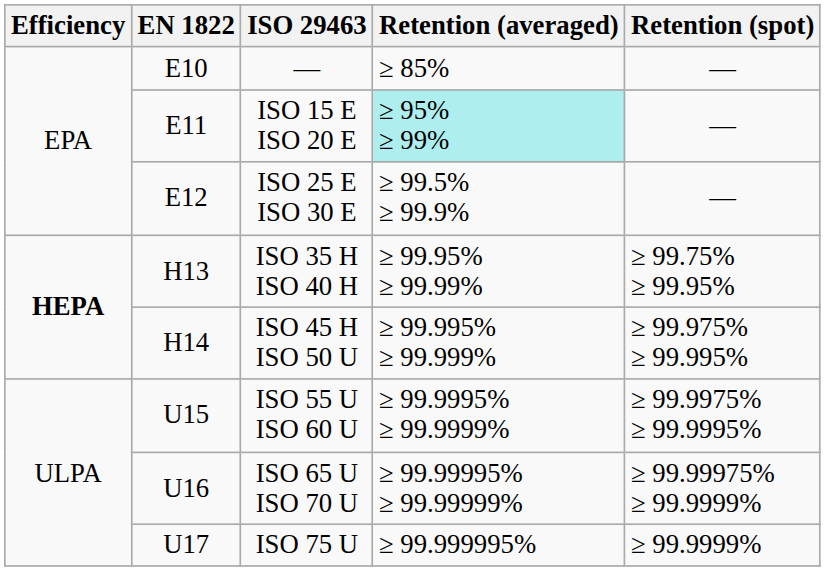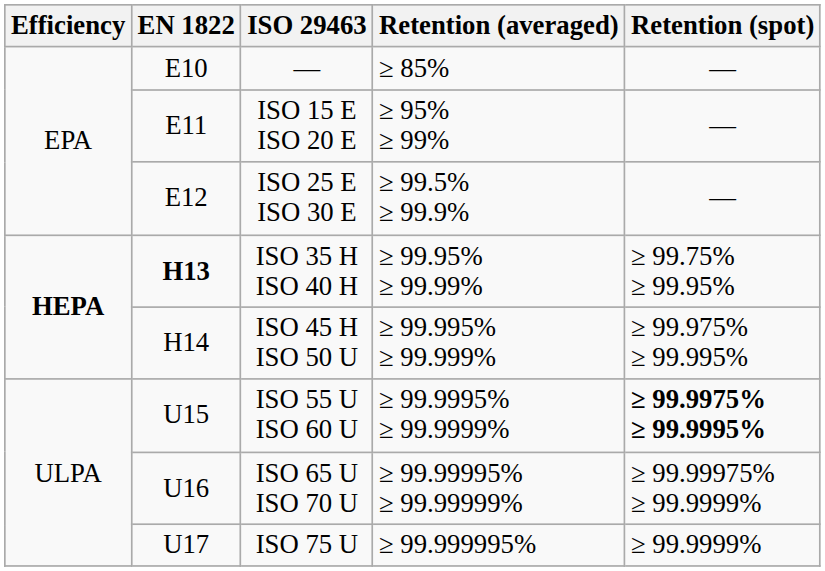 <table class="wikitable">
 <tr>
 <th>Efficiency</th>
 <th>EN 1822</th>
 <th>ISO 29463</th>
 <th>Retention (averaged)</th>
 <th>Retention (spot)</th>
 </tr>
 <tr>
 <td rowspan="3" align="center">EPA</td>
 <td align="center">E10</td>
 <td align="center">—</td>
 <td>≥ 85%</td>
 <td align="center">—</td>
 </tr>
 <tr>
 <td align="center">E11</td>
 <td align="center">ISO 15 E<br>ISO 20 E</td>
-<td style="background: paleturquoise;">≥ 95%<br>≥ 99%</td>
+<td>≥ 95%<br>≥ 99%</td>
 <td align="center">—</td>
 </tr>
 <tr>
 <td align="center">E12</td>
 <td align="center">ISO 25 E<br>ISO 30 E</td>
 <td>≥ 99.5%<br>≥ 99.9%</td>
 <td align="center">—</td>
 </tr>
 <tr>
 <td rowspan="2" align="center"><strong>HEPA</strong></td>
-<td align="center">H13</td>
+<td align="center"><strong>H13</strong></td>
 <td align="center">ISO 35 H<br>ISO 40 H</td>
 <td>≥ 99.95%<br>≥ 99.99%</td>
 <td>≥ 99.75%<br>≥ 99.95%</td>
 </tr>
 <tr>
 <td align="center">H14</td>
 <td align="center">ISO 45 H<br>ISO 50 U</td>
 <td>≥ 99.995%<br>≥ 99.999%</td>
 <td>≥ 99.975%<br>≥ 99.995%</td>
 </tr>
 <tr>
 <td rowspan="3" align="center">ULPA</td>
 <td align="center">U15</td>
 <td align="center">ISO 55 U<br>ISO 60 U</td>
 <td>≥ 99.9995%<br>≥ 99.9999%</td>
-<td>≥ 99.9975%<br>≥ 99.9995%</td>
+<td><strong>≥ 99.9975%<br>≥ 99.9995%</strong></td>
 </tr>
 <tr>
 <td align="center">U16</td>
 <td align="center">ISO 65 U<br>ISO 70 U</td>
 <td>≥ 99.99995%<br>≥ 99.99999%</td>
 <td>≥ 99.99975%<br>≥ 99.9999%</td>
 </tr>
 <tr>
 <td align="center">U17</td>
 <td align="center">ISO 75 U</td>
 <td>≥ 99.999995%</td>
 <td>≥ 99.9999%</td>
 </tr>
 </table>
